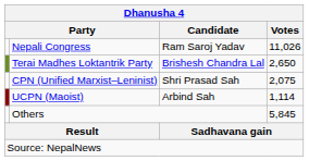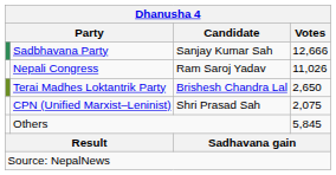 <table class="wikitable">
 <tr>
 <th colspan="4"><a href='#'>Dhanusha 4</a></th>
 </tr>
 <tr>
 <th colspan="2">Party</th>
 <th>Candidate</th>
 <th>Votes</th>
+</tr>
+<tr>
+<td style="background-color:seagreen"></td>
+<td><a href='#'>Sadbhavana Party</a></td>
+<td>Sanjay Kumar Sah</td>
+<td>12,666</td>
 </tr>
 <tr>
 <td style="background-color:"></td>
 <td><a href='#'>Nepali Congress</a></td>
 <td>Ram Saroj Yadav</td>
 <td>11,026</td>
 </tr>
 <tr>
 <td style="background-color:olivedrab"></td>
 <td><a href='#'>Terai Madhes Loktantrik Party</a></td>
 <td><a href='#'>Brishesh Chandra Lal</a></td>
 <td>2,650</td>
 </tr>
 <tr>
 <td style="background-color:"></td>
 <td><a href='#'>CPN (Unified Marxist–Leninist)</a></td>
 <td>Shri Prasad Sah</td>
 <td>2,075</td>
 </tr>
 <tr>
-<td style="background-color:darkred"></td>
-<td><a href='#'>UCPN (Maoist)</a></td>
-<td>Arbind Sah</td>
-<td>1,114</td>
-</tr>
-<tr>
 <td></td>
 <td colspan="2">Others</td>
 <td>5,845</td>
 </tr>
 <tr>
 <th colspan="2">Result</th>
 <th colspan="2">Sadhavana gain</th>
 </tr>
 <tr>
 <td colspan="4">Source: NepalNews</td>
 </tr>
 </table>
